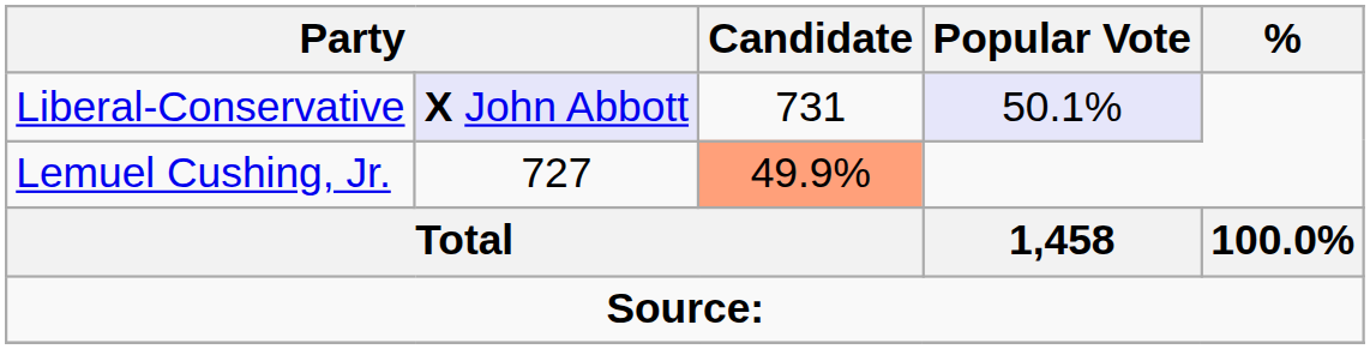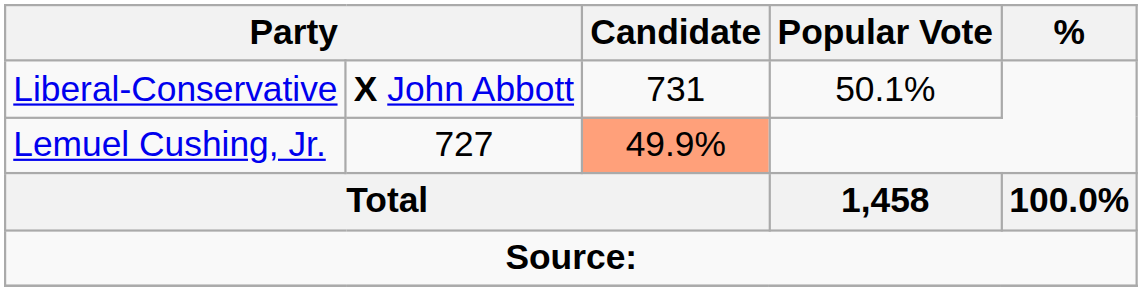 <table class="wikitable">
 <tr>
 <th colspan="2">Party</th>
 <th>Candidate</th>
 <th>Popular Vote</th>
 <th>%</th>
 </tr>
 <tr>
 <td><a href='#'>Liberal-Conservative</a></td>
-<td style="background: lavender;"> <strong>X</strong> <a href='#'>John Abbott</a></td>
+<td> <strong>X</strong> <a href='#'>John Abbott</a></td>
 <td align=center>731</td>
-<td align=center style="background: lavender;">50.1%</td>
+<td align=center>50.1%</td>
 </tr>
 <tr>
 <td><a href='#'>Lemuel Cushing, Jr.</a></td>
 <td align=center>727</td>
 <td align=center style="background: lightsalmon;">49.9%</td>
 </tr>
 <tr>
 <th colspan=3 align=center>Total</th>
 <th align=right>1,458</th>
 <th align=right>100.0%</th>
 </tr>
 <tr>
 <td align="center" colspan=5><strong>Source:</strong> </td>
 </tr>
 <tr>
 </tr>
 </table>
